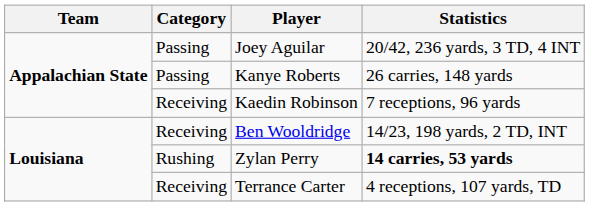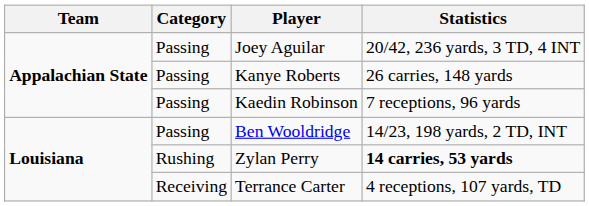 <table class="wikitable" style="float: right;">
 <tr>
 <th>Team</th>
 <th>Category</th>
 <th>Player</th>
 <th>Statistics</th>
 </tr>
 <tr>
 <td rowspan=3><strong>Appalachian State</strong></td>
 <td>Passing</td>
 <td>Joey Aguilar</td>
 <td>20/42, 236 yards, 3 TD, 4 INT</td>
 </tr>
 <tr>
 <td>Passing</td>
 <td>Kanye Roberts</td>
 <td>26 carries, 148 yards</td>
 </tr>
 <tr>
-<td>Receiving</td>
+<td>Passing</td>
 <td>Kaedin Robinson</td>
 <td>7 receptions, 96 yards</td>
 </tr>
 <tr>
 <td rowspan=3><strong>Louisiana</strong></td>
-<td>Receiving</td>
+<td>Passing</td>
 <td><a href='#'>Ben Wooldridge</a></td>
 <td>14/23, 198 yards, 2 TD, INT</td>
 </tr>
 <tr>
 <td>Rushing</td>
 <td>Zylan Perry</td>
 <td><strong>14 carries, 53 yards</strong></td>
 </tr>
 <tr>
 <td>Receiving</td>
 <td>Terrance Carter</td>
 <td>4 receptions, 107 yards, TD</td>
 </tr>
 </table>
